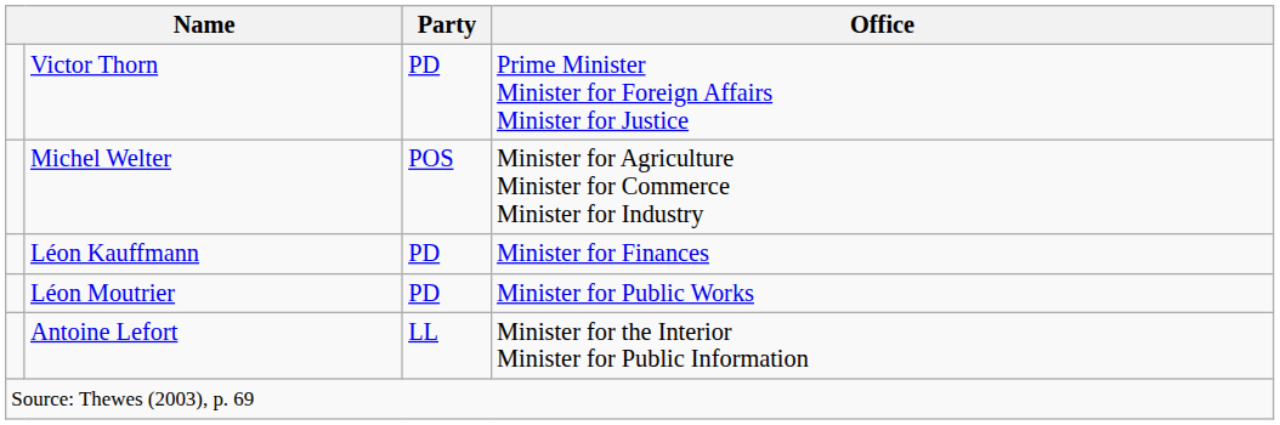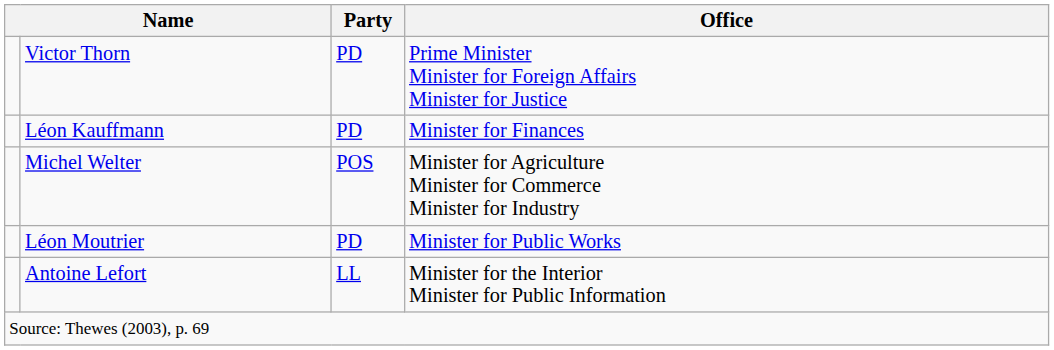 <table class="wikitable">
 <tr>
 <th colspan=2 width=250px>Name</th>
 <th width=50px>Party</th>
 <th width=500px>Office</th>
 </tr>
 <tr>
 <td width=5px style="background-color: "></td>
 <td valign=top><a href='#'>Victor Thorn</a></td>
 <td valign=top><a href='#'>PD</a></td>
 <td><a href='#'>Prime Minister</a> <br> <a href='#'>Minister for Foreign Affairs</a> <br> <a href='#'>Minister for Justice</a></td>
 </tr>
 <tr>
 <td style="background-color: "></td>
+<td valign=top><a href='#'>Léon Kauffmann</a></td>
+<td valign=top><a href='#'>PD</a></td>
+<td><a href='#'>Minister for Finances</a></td>
+</tr>
+<tr>
+<td style="background-color: "></td>
 <td valign=top><a href='#'>Michel Welter</a></td>
 <td valign=top><a href='#'>POS</a></td>
 <td>Minister for Agriculture <br> Minister for Commerce <br> Minister for Industry</td>
-</tr>
-<tr>
-<td style="background-color: "></td>
-<td valign=top><a href='#'>Léon Kauffmann</a></td>
-<td valign=top><a href='#'>PD</a></td>
-<td><a href='#'>Minister for Finances</a></td>
 </tr>
 <tr>
 <td style="background-color: "></td>
 <td valign=top><a href='#'>Léon Moutrier</a></td>
 <td valign=top><a href='#'>PD</a></td>
 <td><a href='#'>Minister for Public Works</a></td>
 </tr>
 <tr>
 <td style="background-color: "></td>
 <td valign=top><a href='#'>Antoine Lefort</a></td>
 <td valign=top><a href='#'>LL</a></td>
 <td>Minister for the Interior <br> Minister for Public Information</td>
 </tr>
 <tr>
 <td colspan=4><small>Source: Thewes (2003), p. 69</small></td>
 </tr>
 </table>
